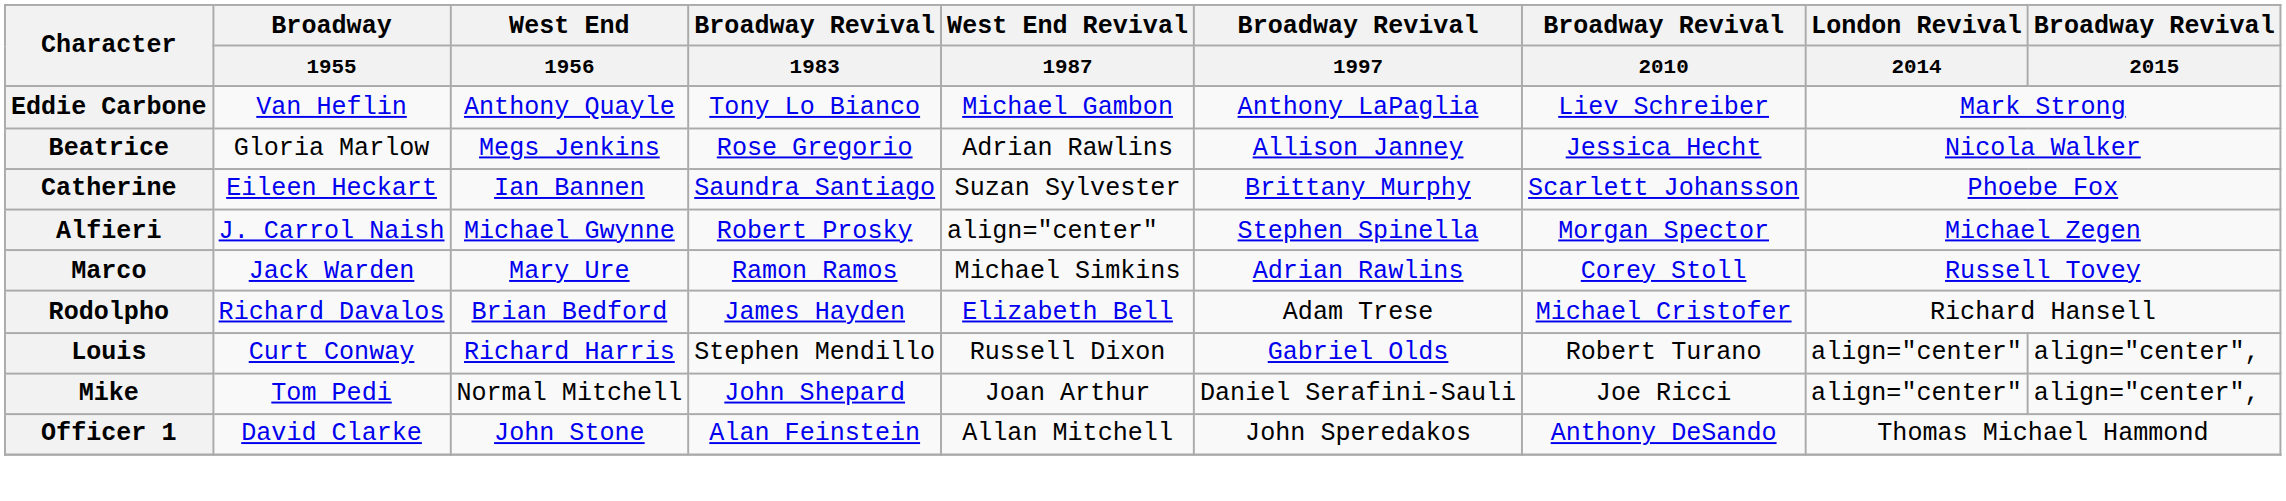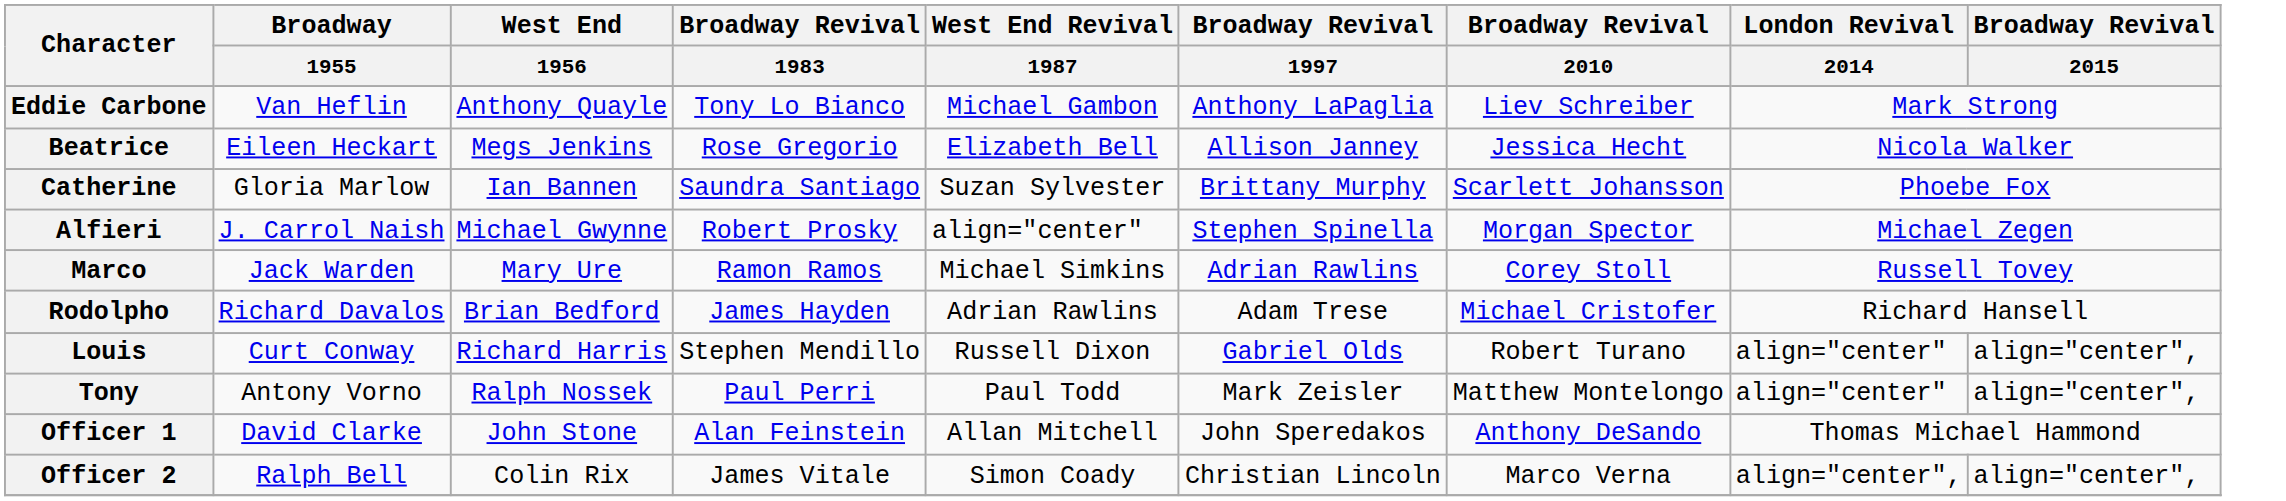 <table class="wikitable">
 <tr>
 <th rowspan="2">Character</th>
 <th>Broadway</th>
 <th>West End</th>
 <th>Broadway Revival</th>
 <th>West End Revival</th>
 <th>Broadway Revival</th>
 <th>Broadway Revival<small> </small></th>
 <th>London Revival<small> </small></th>
 <th>Broadway Revival</th>
 </tr>
 <tr>
 <th><small>1955</small></th>
 <th><small>1956</small></th>
 <th><small>1983</small></th>
 <th><small>1987</small></th>
 <th><small>1997</small></th>
 <th><small>2010</small></th>
 <th><small>2014</small></th>
 <th><small>2015</small></th>
 </tr>
 <tr>
 <th>Eddie Carbone</th>
 <td align="center"><a href='#'>Van Heflin</a></td>
 <td align="center"><a href='#'>Anthony Quayle</a></td>
 <td align="center"><a href='#'>Tony Lo Bianco</a></td>
 <td align="center"><a href='#'>Michael Gambon</a></td>
 <td align="center"><a href='#'>Anthony LaPaglia</a></td>
 <td align="center"><a href='#'>Liev Schreiber</a></td>
 <td align="center", colspan=2><a href='#'>Mark Strong</a></td>
 </tr>
 <tr>
 <th>Beatrice</th>
-<td align="center">Gloria Marlow</td>
+<td align="center"><a href='#'>Eileen Heckart</a></td>
 <td align="center"><a href='#'>Megs Jenkins</a></td>
 <td align="center"><a href='#'>Rose Gregorio</a></td>
-<td align="center">Adrian Rawlins</td>
+<td align="center"><a href='#'>Elizabeth Bell</a></td>
 <td align="center"><a href='#'>Allison Janney</a></td>
 <td align="center"><a href='#'>Jessica Hecht</a></td>
 <td align="center", colspan=2><a href='#'>Nicola Walker</a></td>
 </tr>
 <tr>
 <th>Catherine</th>
-<td align="center"><a href='#'>Eileen Heckart</a></td>
+<td align="center">Gloria Marlow</td>
 <td align="center"><a href='#'>Ian Bannen</a></td>
 <td align="center"><a href='#'>Saundra Santiago</a></td>
 <td align="center">Suzan Sylvester</td>
 <td align="center"><a href='#'>Brittany Murphy</a></td>
 <td align="center"><a href='#'>Scarlett Johansson</a></td>
 <td align="center", colspan=2><a href='#'>Phoebe Fox</a></td>
 </tr>
 <tr>
 <th>Alfieri</th>
 <td align="center"><a href='#'>J. Carrol Naish</a></td>
 <td align="center"><a href='#'>Michael Gwynne</a></td>
 <td align="center"><a href='#'>Robert Prosky</a></td>
 <td>align="center" </td>
 <td align="center"><a href='#'>Stephen Spinella</a></td>
 <td align="center"><a href='#'>Morgan Spector</a></td>
 <td align="center", colspan=2><a href='#'>Michael Zegen</a></td>
 </tr>
 <tr>
 <th>Marco</th>
 <td align="center"><a href='#'>Jack Warden</a></td>
 <td align="center"><a href='#'>Mary Ure</a></td>
 <td align="center"><a href='#'>Ramon Ramos</a></td>
 <td align="center">Michael Simkins</td>
 <td align="center"><a href='#'>Adrian Rawlins</a></td>
 <td align="center"><a href='#'>Corey Stoll</a></td>
 <td align="center", colspan=2><a href='#'>Russell Tovey</a></td>
 </tr>
 <tr>
 <th>Rodolpho</th>
 <td align="center"><a href='#'>Richard Davalos</a></td>
 <td align="center"><a href='#'>Brian Bedford</a></td>
 <td align="center"><a href='#'>James Hayden</a></td>
-<td align="center"><a href='#'>Elizabeth Bell</a></td>
+<td align="center">Adrian Rawlins</td>
 <td align="center">Adam Trese</td>
 <td align="center"><a href='#'>Michael Cristofer</a></td>
 <td align="center", colspan=2>Richard Hansell</td>
 </tr>
 <tr>
 <th>Louis</th>
 <td align="center"><a href='#'>Curt Conway</a></td>
 <td align="center"><a href='#'>Richard Harris</a></td>
 <td align="center">Stephen Mendillo</td>
 <td align="center">Russell Dixon</td>
 <td align="center"><a href='#'>Gabriel Olds</a></td>
 <td align="center">Robert Turano</td>
 <td>align="center" </td>
 <td>align="center", </td>
 </tr>
 <tr>
-<th>Mike</th>
-<td align="center"><a href='#'>Tom Pedi</a></td>
-<td align="center">Normal Mitchell</td>
-<td align="center"><a href='#'>John Shepard</a></td>
-<td align="center">Joan Arthur</td>
-<td align="center">Daniel Serafini-Sauli</td>
-<td align="center">Joe Ricci</td>
+<th>Tony</th>
+<td align="center">Antony Vorno</td>
+<td align="center"><a href='#'>Ralph Nossek</a></td>
+<td align="center"><a href='#'>Paul Perri</a></td>
+<td align="center">Paul Todd</td>
+<td align="center">Mark Zeisler</td>
+<td align="center">Matthew Montelongo</td>
 <td>align="center" </td>
 <td>align="center", </td>
 </tr>
 <tr>
 <th>Officer 1</th>
 <td align="center"><a href='#'>David Clarke</a></td>
 <td align="center"><a href='#'>John Stone</a></td>
 <td align="center"><a href='#'>Alan Feinstein</a></td>
 <td align="center">Allan Mitchell</td>
 <td align="center">John Speredakos</td>
 <td align="center"><a href='#'>Anthony DeSando</a></td>
 <td align="center", colspan=2>Thomas Michael Hammond</td>
 </tr>
 <tr>
+<th>Officer 2</th>
+<td align="center"><a href='#'>Ralph Bell</a></td>
+<td align="center">Colin Rix</td>
+<td align="center">James Vitale</td>
+<td align="center">Simon Coady</td>
+<td align="center">Christian Lincoln</td>
+<td align="center">Marco Verna</td>
+<td>align="center", </td>
+<td>align="center", </td>
+</tr>
+<tr>
 </tr>
 </table>
